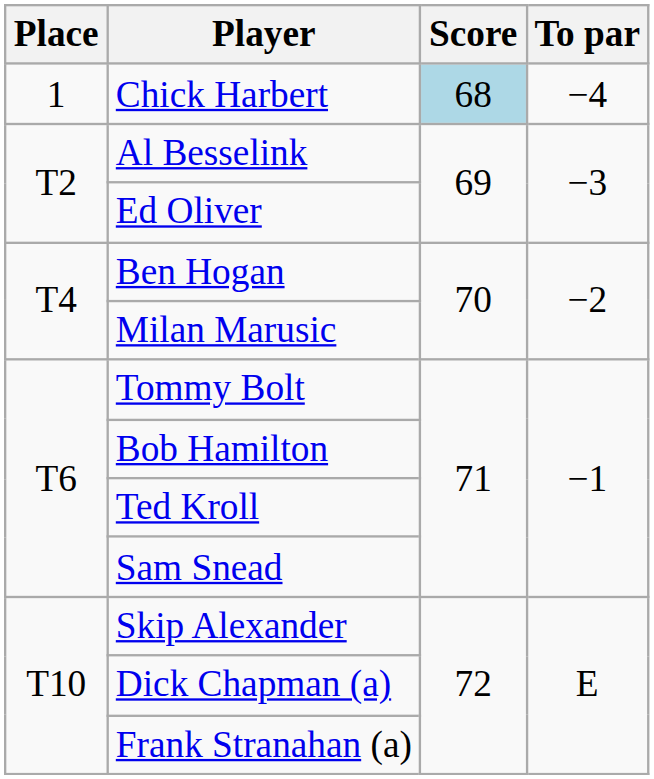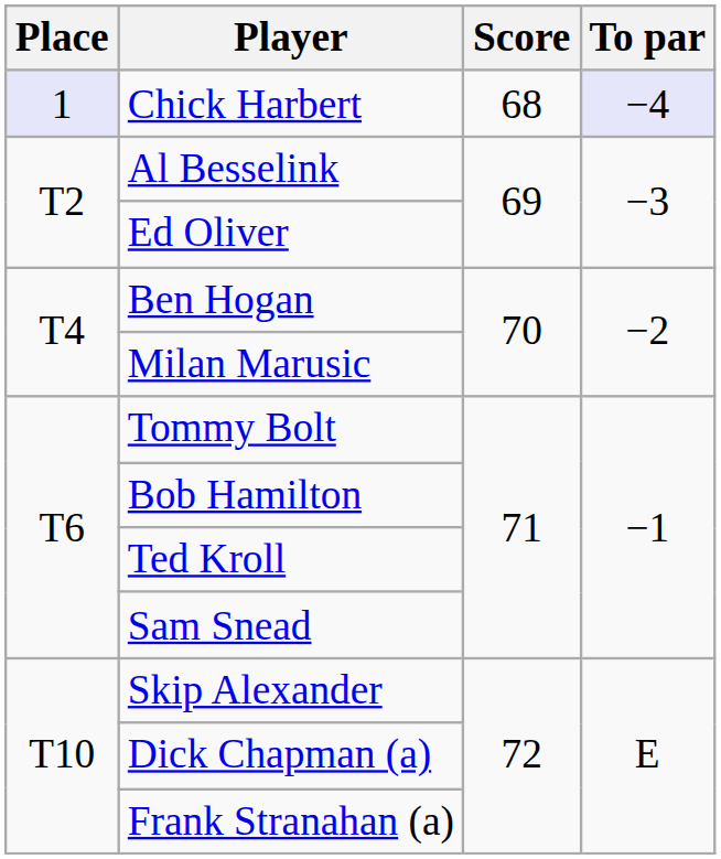 <table class="wikitable">
 <tr>
 <th>Place</th>
 <th>Player</th>
 <th>Score</th>
 <th>To par</th>
 </tr>
 <tr>
-<td align=center>1</td>
+<td align=center style="background: lavender;">1</td>
 <td> <a href='#'>Chick Harbert</a></td>
-<td align=center style="background: lightblue;">68</td>
-<td align=center>−4</td>
+<td align=center>68</td>
+<td align=center style="background: lavender;">−4</td>
 </tr>
 <tr>
 <td rowspan=2 align="center">T2</td>
 <td> <a href='#'>Al Besselink</a></td>
 <td rowspan=2 align=center>69</td>
 <td rowspan=2 align="center">−3</td>
 </tr>
 <tr>
 <td> <a href='#'>Ed Oliver</a></td>
 </tr>
 <tr>
 <td rowspan=2 align=center>T4</td>
 <td> <a href='#'>Ben Hogan</a></td>
 <td rowspan=2 align=center>70</td>
 <td rowspan=2 align="center">−2</td>
 </tr>
 <tr>
 <td> <a href='#'>Milan Marusic</a></td>
 </tr>
 <tr>
 <td rowspan=4 align=center>T6</td>
 <td> <a href='#'>Tommy Bolt</a></td>
 <td rowspan=4 align=center>71</td>
 <td rowspan=4 align=center>−1</td>
 </tr>
 <tr>
 <td> <a href='#'>Bob Hamilton</a></td>
 </tr>
 <tr>
 <td> <a href='#'>Ted Kroll</a></td>
 </tr>
 <tr>
 <td> <a href='#'>Sam Snead</a></td>
 </tr>
 <tr>
 <td rowspan=3 align=center>T10</td>
 <td> <a href='#'>Skip Alexander</a></td>
 <td rowspan=3 align=center>72</td>
 <td rowspan=3 align=center>E</td>
 </tr>
 <tr>
 <td> <a href='#'>Dick Chapman (a)</a></td>
 </tr>
 <tr>
 <td> <a href='#'>Frank Stranahan</a> (a)</td>
 </tr>
 </table>
